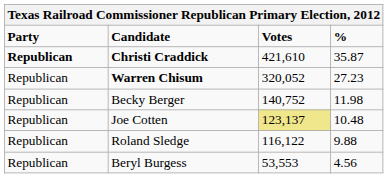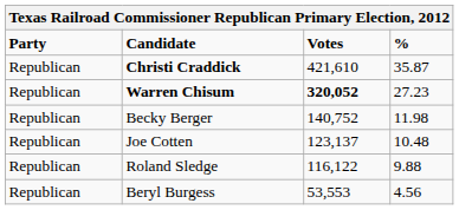 <table class="wikitable">
 <tr>
 <th colspan="4">Texas Railroad Commissioner Republican Primary Election, 2012</th>
 </tr>
 <tr>
 <td><strong>Party</strong></td>
 <td><strong>Candidate</strong></td>
 <td><strong>Votes</strong></td>
 <td><strong>%</strong></td>
 </tr>
 <tr>
-<td><strong>Republican</strong></td>
+<td>Republican</td>
 <td><strong>Christi Craddick</strong></td>
 <td>421,610</td>
 <td>35.87</td>
 </tr>
 <tr>
 <td>Republican</td>
 <td><strong>Warren Chisum</strong></td>
-<td>320,052</td>
+<td><strong>320,052</strong></td>
 <td>27.23</td>
 </tr>
 <tr>
 <td>Republican</td>
 <td>Becky Berger</td>
 <td>140,752</td>
 <td>11.98</td>
 </tr>
 <tr>
 <td>Republican</td>
 <td>Joe Cotten</td>
-<td style="background: khaki;">123,137</td>
+<td>123,137</td>
 <td>10.48</td>
 </tr>
 <tr>
 <td>Republican</td>
 <td>Roland Sledge</td>
 <td>116,122</td>
 <td>9.88</td>
 </tr>
 <tr>
 <td>Republican</td>
 <td>Beryl Burgess</td>
 <td>53,553</td>
 <td>4.56</td>
 </tr>
 </table>
